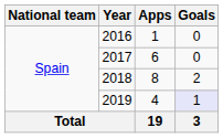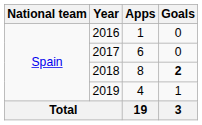 <table class="wikitable" style="text-align:center">
 <tr>
 <th>National team</th>
 <th>Year</th>
 <th>Apps</th>
 <th>Goals</th>
 </tr>
 <tr>
 <td rowspan="4"><a href='#'>Spain</a></td>
 <td>2016</td>
 <td>1</td>
 <td>0</td>
 </tr>
 <tr>
 <td>2017</td>
 <td>6</td>
 <td>0</td>
 </tr>
 <tr>
 <td>2018</td>
 <td>8</td>
-<td>2</td>
+<td><strong>2</strong></td>
 </tr>
 <tr>
 <td>2019</td>
 <td>4</td>
-<td style="background: lavender;">1</td>
+<td>1</td>
 </tr>
 <tr>
 <th colspan="2">Total</th>
 <th>19</th>
 <th>3</th>
 </tr>
 </table>
